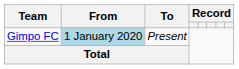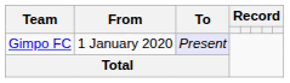 <table class="wikitable" style="text-align:centre">
 <tr>
 <th rowspan=2>Team</th>
 <th rowspan=2>From</th>
 <th rowspan=2>To</th>
 <th colspan=7>Record</th>
 </tr>
 <tr>
 <th></th>
 <th></th>
 <th></th>
 <th></th>
 <th></th>
 </tr>
 <tr>
 <td align=left><a href='#'>Gimpo FC</a></td>
-<td align=left style="background: lightblue;">1 January 2020</td>
-<td align=left><em>Present</em><br></td>
+<td align=left>1 January 2020</td>
+<td align=left style="background: lavender;"><em>Present</em><br></td>
 </tr>
 <tr>
 <th colspan=3>Total<br></th>
 </tr>
 </table>
